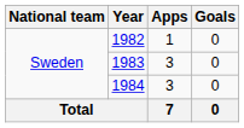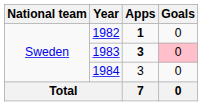 <table class="wikitable" style="text-align:center">
 <tr>
 <th>National team</th>
 <th>Year</th>
 <th>Apps</th>
 <th>Goals</th>
 </tr>
 <tr>
 <td rowspan="3"><a href='#'>Sweden</a></td>
 <td><a href='#'>1982</a></td>
-<td>1</td>
+<td><strong>1</strong></td>
 <td>0</td>
 </tr>
 <tr>
 <td><a href='#'>1983</a></td>
-<td>3</td>
-<td>0</td>
+<td><strong>3</strong></td>
+<td style="background: pink;">0</td>
 </tr>
 <tr>
 <td><a href='#'>1984</a></td>
 <td>3</td>
 <td>0</td>
 </tr>
 <tr>
 <th colspan="2">Total</th>
 <th>7</th>
 <th>0</th>
 </tr>
 </table>
